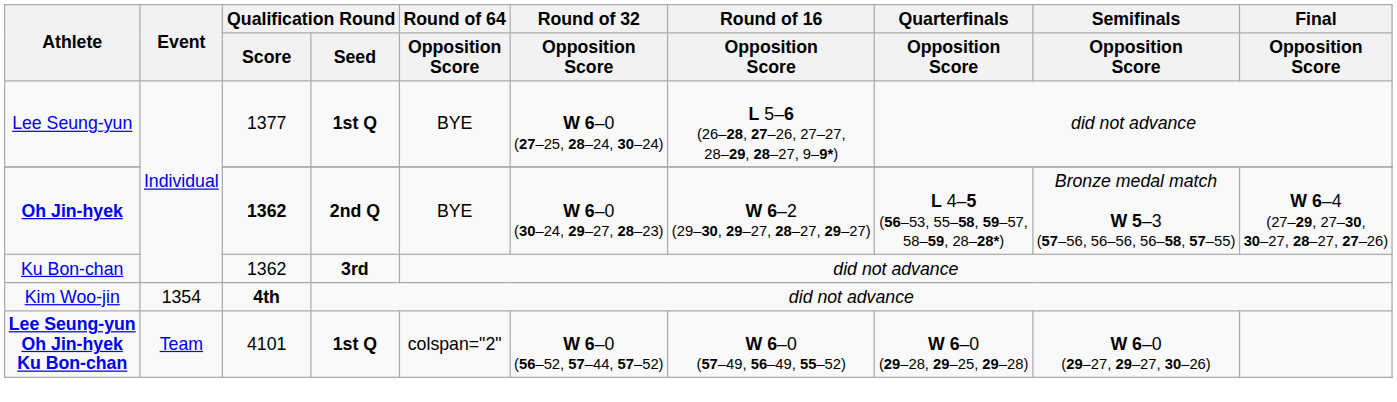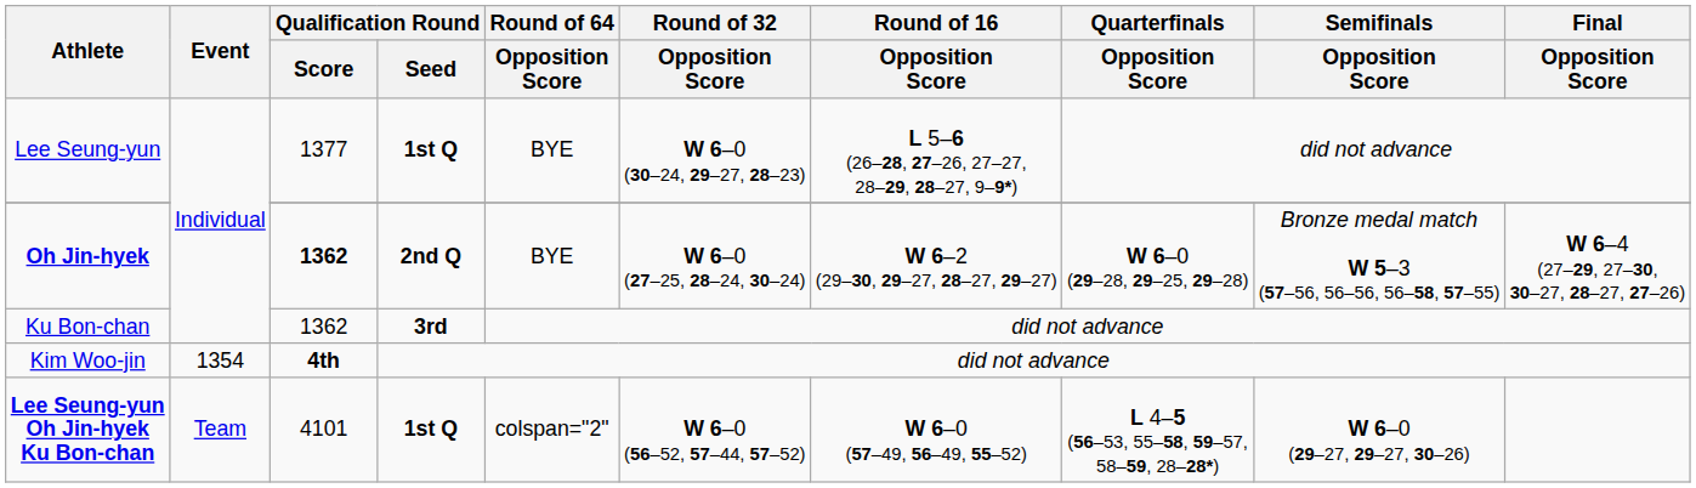 <table class="wikitable" style="font-size:90%; text-align:center;">
 <tr>
 <th rowspan="2">Athlete</th>
 <th rowspan="2">Event</th>
 <th colspan="2">Qualification Round</th>
 <th>Round of 64</th>
 <th>Round of 32</th>
 <th>Round of 16</th>
 <th>Quarterfinals</th>
 <th>Semifinals</th>
 <th>Final</th>
 </tr>
 <tr>
 <th>Score</th>
 <th>Seed</th>
 <th>Opposition<br>Score</th>
 <th>Opposition<br>Score</th>
 <th>Opposition<br>Score</th>
 <th>Opposition<br>Score</th>
 <th>Opposition<br>Score</th>
 <th>Opposition<br>Score</th>
 </tr>
 <tr>
 <td><a href='#'>Lee Seung-yun</a></td>
 <td rowspan=4><a href='#'>Individual</a></td>
 <td align=center>1377</td>
 <td align=center><strong>1st Q</strong></td>
 <td align=center>BYE</td>
-<td align=center><br><strong>W</strong> <strong>6</strong>–0<br><small>(<strong>27</strong>–25, <strong>28</strong>–24, <strong>30</strong>–24)</small></td>
+<td align=center><br><strong>W</strong> <strong>6</strong>–0<br><small>(<strong>30</strong>–24, <strong>29</strong>–27, <strong>28</strong>–23)</small></td>
 <td align=center><br><strong>L</strong> 5–<strong>6</strong><br><small>(26–<strong>28</strong>, <strong>27</strong>–26, 27–27,<br>28–<strong>29</strong>, <strong>28</strong>–27, 9–<strong>9*</strong>)</small></td>
 <td align=center colspan="3"><em>did not advance</em></td>
 </tr>
 <tr>
 </tr>
 <tr>
 <td><strong><a href='#'>Oh Jin-hyek</a></strong></td>
 <td align=center><strong>1362</strong></td>
 <td align=center><strong>2nd Q</strong></td>
 <td align=center>BYE</td>
-<td align=center><br><strong>W</strong> <strong>6</strong>–0<br><small>(<strong>30</strong>–24, <strong>29</strong>–27, <strong>28</strong>–23)</small></td>
+<td align=center><br><strong>W</strong> <strong>6</strong>–0<br><small>(<strong>27</strong>–25, <strong>28</strong>–24, <strong>30</strong>–24)</small></td>
 <td align=center><br><strong>W</strong> <strong>6</strong>–2<br><small>(29–<strong>30</strong>, <strong>29</strong>–27, <strong>28</strong>–27, <strong>29</strong>–27)</small></td>
-<td align=center><br><strong>L</strong> 4–<strong>5</strong><br><small>(<strong>56</strong>–53, 55–<strong>58</strong>, <strong>59</strong>–57,<br>58–<strong>59</strong>, 28–<strong>28*</strong>)</small></td>
+<td align=center><br><strong>W</strong> <strong>6</strong>–0<br><small>(<strong>29</strong>–28, <strong>29</strong>–25, <strong>29</strong>–28)</small></td>
 <td align=center><em>Bronze medal match</em><br><br><strong>W</strong> <strong>5</strong>–3<br><small>(<strong>57</strong>–56, 56–56, 56–<strong>58</strong>, <strong>57</strong>–55)</small><br></td>
 <td align=center><br><strong>W</strong> <strong>6</strong>–4<br><small>(27–<strong>29</strong>, 27–<strong>30</strong>,<br><strong>30</strong>–27, <strong>28</strong>–27, <strong>27</strong>–26)</small><br></td>
 </tr>
 <tr>
 <td><a href='#'>Ku Bon-chan</a></td>
 <td align=center>1362</td>
 <td align=center><strong>3rd</strong></td>
 <td align=center colspan="7"><em>did not advance</em></td>
 </tr>
 <tr>
 <td><a href='#'>Kim Woo-jin</a></td>
 <td align=center>1354</td>
 <td align=center><strong>4th</strong></td>
 <td align=center colspan="7"><em>did not advance</em></td>
 </tr>
 <tr>
 <td><strong><a href='#'>Lee Seung-yun</a><br><a href='#'>Oh Jin-hyek</a><br><a href='#'>Ku Bon-chan</a></strong></td>
 <td align=center><a href='#'>Team</a></td>
 <td align=center>4101</td>
 <td align=center><strong>1st Q</strong></td>
 <td>colspan="2" </td>
 <td align=center><br><strong>W</strong> <strong>6</strong>–0<br><small>(<strong>56</strong>–52, <strong>57</strong>–44, <strong>57</strong>–52)</small></td>
 <td align=center><br><strong>W</strong> <strong>6</strong>–0<br><small>(<strong>57</strong>–49, <strong>56</strong>–49, <strong>55</strong>–52)</small></td>
-<td align=center><br><strong>W</strong> <strong>6</strong>–0<br><small>(<strong>29</strong>–28, <strong>29</strong>–25, <strong>29</strong>–28)</small></td>
+<td align=center><br><strong>L</strong> 4–<strong>5</strong><br><small>(<strong>56</strong>–53, 55–<strong>58</strong>, <strong>59</strong>–57,<br>58–<strong>59</strong>, 28–<strong>28*</strong>)</small></td>
 <td align=center><br><strong>W</strong> <strong>6</strong>–0<br><small>(<strong>29</strong>–27, <strong>29</strong>–27, <strong>30</strong>–26)</small></td>
 </tr>
 </table>
